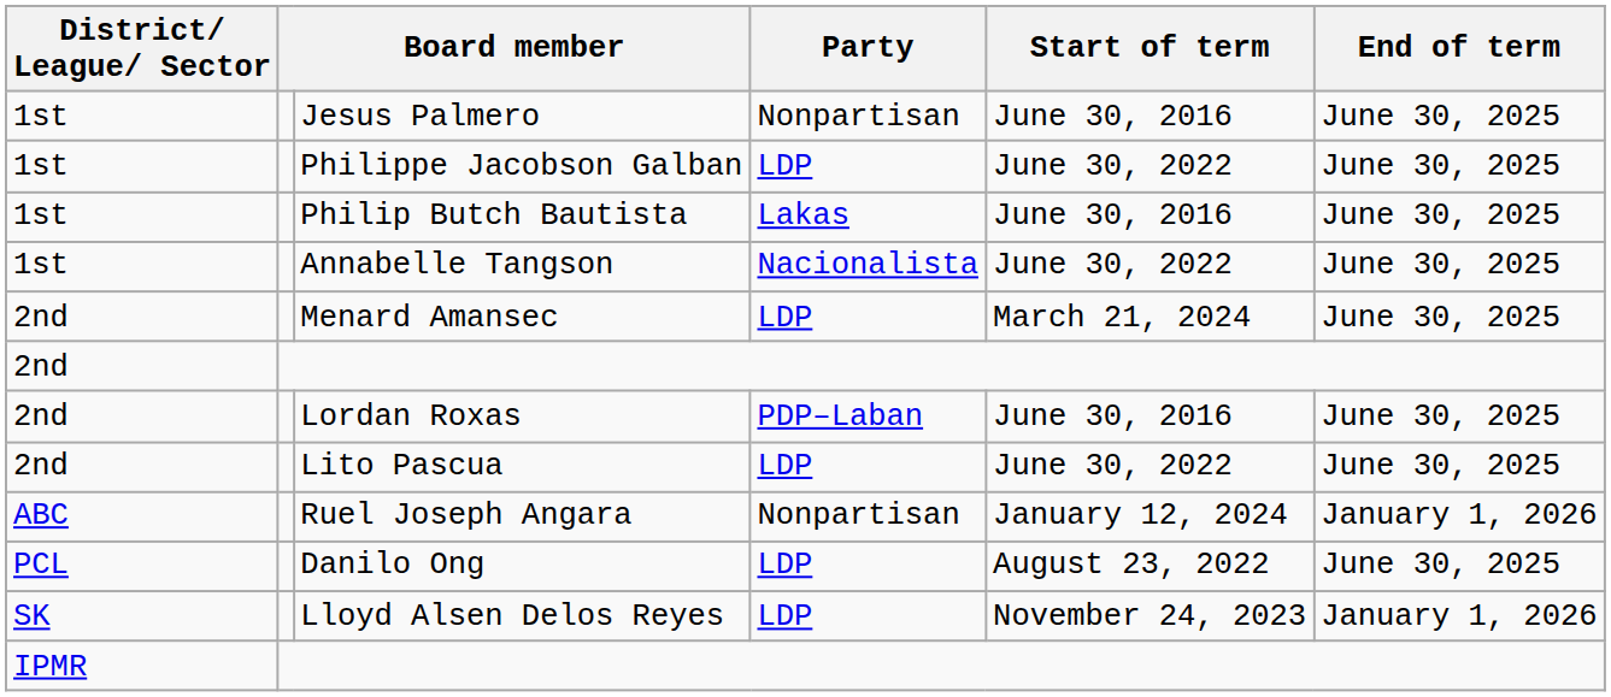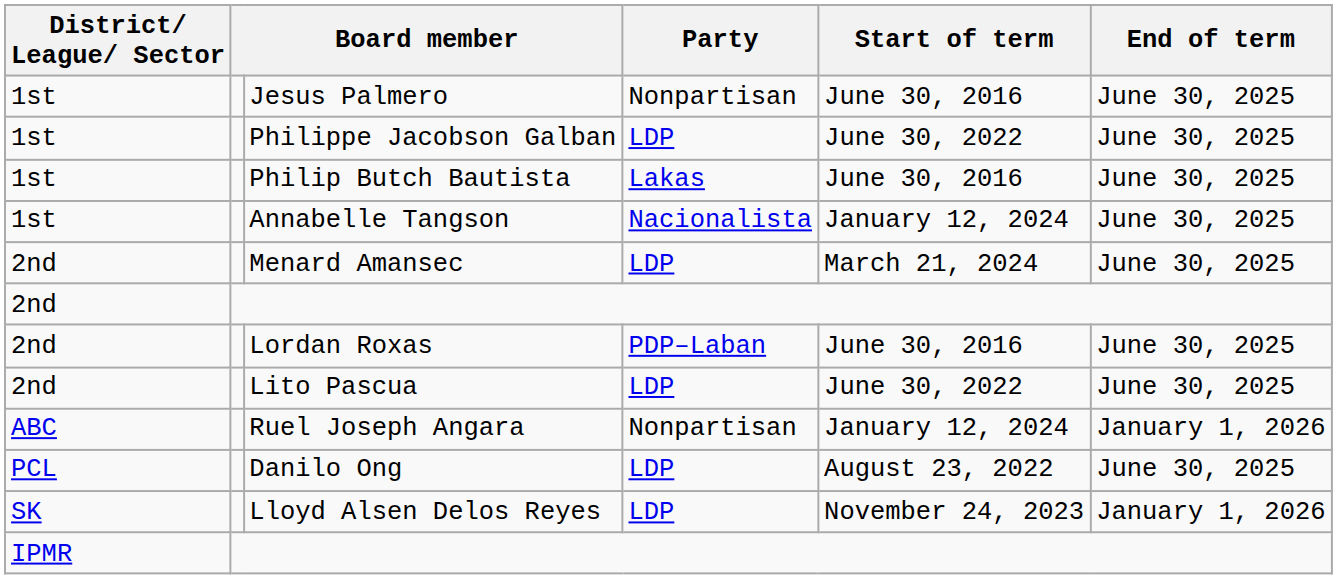 <table class="wikitable">
 <tr>
 <th>District/<br>League/ Sector</th>
 <th colspan="2">Board member</th>
 <th>Party</th>
 <th>Start of term</th>
 <th>End of term</th>
 </tr>
 <tr>
 <td>1st</td>
 <td></td>
 <td>Jesus Palmero</td>
 <td>Nonpartisan</td>
 <td>June 30, 2016</td>
 <td>June 30, 2025</td>
 </tr>
 <tr>
 <td>1st</td>
 <td></td>
 <td>Philippe Jacobson Galban</td>
 <td><a href='#'>LDP</a></td>
 <td>June 30, 2022</td>
 <td>June 30, 2025</td>
 </tr>
 <tr>
 <td>1st</td>
 <td></td>
 <td>Philip Butch Bautista</td>
 <td><a href='#'>Lakas</a></td>
 <td>June 30, 2016</td>
 <td>June 30, 2025</td>
 </tr>
 <tr>
 <td>1st</td>
 <td></td>
 <td>Annabelle Tangson</td>
 <td><a href='#'>Nacionalista</a></td>
-<td>June 30, 2022</td>
+<td>January 12, 2024</td>
 <td>June 30, 2025</td>
 </tr>
 <tr>
 <td>2nd</td>
 <td></td>
 <td>Menard Amansec</td>
 <td><a href='#'>LDP</a></td>
 <td>March 21, 2024</td>
 <td>June 30, 2025</td>
 </tr>
 <tr>
 <td>2nd</td>
 <td colspan=5></td>
 </tr>
 <tr>
 <td>2nd</td>
 <td></td>
 <td>Lordan Roxas</td>
 <td><a href='#'>PDP–Laban</a></td>
 <td>June 30, 2016</td>
 <td>June 30, 2025</td>
 </tr>
 <tr>
 <td>2nd</td>
 <td></td>
 <td>Lito Pascua</td>
 <td><a href='#'>LDP</a></td>
 <td>June 30, 2022</td>
 <td>June 30, 2025</td>
 </tr>
 <tr>
 <td><a href='#'>ABC</a></td>
 <td></td>
 <td>Ruel Joseph Angara</td>
 <td>Nonpartisan</td>
 <td>January 12, 2024</td>
 <td>January 1, 2026</td>
 </tr>
 <tr>
 <td><a href='#'>PCL</a></td>
 <td></td>
 <td>Danilo Ong</td>
 <td><a href='#'>LDP</a></td>
 <td>August 23, 2022</td>
 <td>June 30, 2025</td>
 </tr>
 <tr>
 <td><a href='#'>SK</a></td>
 <td></td>
 <td>Lloyd Alsen Delos Reyes</td>
 <td><a href='#'>LDP</a></td>
 <td>November 24, 2023</td>
 <td>January 1, 2026</td>
 </tr>
 <tr>
 <td><a href='#'>IPMR</a></td>
 <td colspan="5"></td>
 </tr>
 </table>
